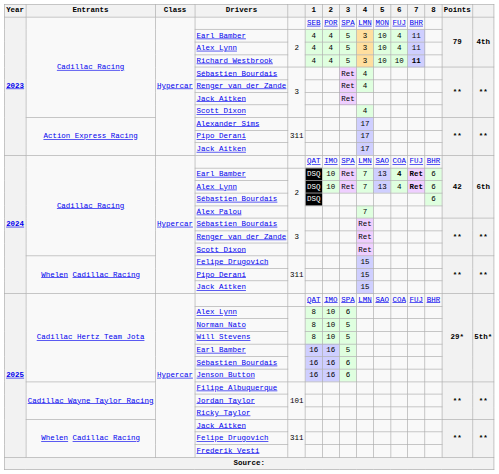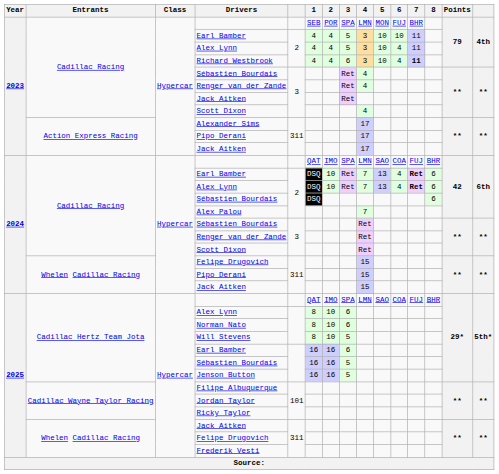 <table class="wikitable" style="text-align:center; font-size:90%">
 <tr>
 <th>Year</th>
 <th>Entrants</th>
 <th>Class</th>
 <th>Drivers</th>
 <th></th>
 <th>1</th>
 <th>2</th>
 <th>3</th>
 <th>4</th>
 <th>5</th>
 <th>6</th>
 <th>7</th>
 <th>8</th>
 <th>Points</th>
 <th></th>
 </tr>
 <tr>
 <th rowspan="11"><a href='#'>2023</a></th>
 <td rowspan="8"><a href='#'>Cadillac Racing</a></td>
 <td rowspan="11"><a href='#'>Hypercar</a></td>
 <td></td>
 <td></td>
 <td><a href='#'>SEB</a></td>
 <td><a href='#'>POR</a></td>
 <td><a href='#'>SPA</a></td>
 <td><a href='#'>LMN</a></td>
 <td><a href='#'>MON</a></td>
 <td><a href='#'>FUJ</a></td>
 <td><a href='#'>BHR</a></td>
 <td></td>
 <th rowspan="4">79</th>
 <th rowspan="4">4th</th>
 </tr>
 <tr>
 <td align="left"> <a href='#'>Earl Bamber</a></td>
 <td rowspan="3">2</td>
 <td style="background:#DFFFDF;">4</td>
 <td style="background:#DFFFDF;”">4</td>
 <td style="background:#DFFFDF;”">5</td>
 <td style="background:#FFDF9F;”">3</td>
 <td style="background:#DFFFDF;”">10</td>
-<td style="background:#DFFFDF;”">4</td>
+<td style="background:#DFFFDF;”">10</td>
 <td style="background:#CFCFFF;”">11</td>
 <td></td>
 </tr>
 <tr>
 <td align="left"> <a href='#'>Alex Lynn</a></td>
 <td style="background:#DFFFDF;">4</td>
 <td style="background:#DFFFDF;”">4</td>
 <td style="background:#DFFFDF;”">5</td>
 <td style="background:#FFDF9F;”">3</td>
 <td style="background:#DFFFDF;”">10</td>
 <td style="background:#DFFFDF;”">4</td>
 <td style="background:#CFCFFF;”">11</td>
 <td></td>
 </tr>
 <tr>
 <td align="left"> <a href='#'>Richard Westbrook</a></td>
 <td style="background:#DFFFDF;">4</td>
 <td style="background:#DFFFDF;”">4</td>
-<td style="background:#DFFFDF;”">5</td>
+<td style="background:#DFFFDF;">6</td>
 <td style="background:#FFDF9F;”">3</td>
 <td style="background:#DFFFDF;”">10</td>
-<td style="background:#DFFFDF;”">10</td>
+<td style="background:#DFFFDF;”">4</td>
 <td style="background:#CFCFFF;”"><strong>11</strong></td>
 <td></td>
 </tr>
 <tr>
 <td align="left"> <a href='#'>Sébastien Bourdais</a></td>
 <td rowspan="4">3</td>
 <td></td>
 <td></td>
 <td style="background:#EFCFFF;">Ret</td>
 <td style="background:#DFFFDF;”">4</td>
 <td></td>
 <td></td>
 <td></td>
 <td></td>
 <th rowspan="4">**</th>
 <th rowspan="4">**</th>
 </tr>
 <tr>
 <td align="left"> <a href='#'>Renger van der Zande</a></td>
 <td></td>
 <td></td>
 <td style="background:#EFCFFF;">Ret</td>
 <td style="background:#DFFFDF;”">4</td>
 <td></td>
 <td></td>
 <td></td>
 <td></td>
 </tr>
 <tr>
 <td align="left"> <a href='#'>Jack Aitken</a></td>
 <td></td>
 <td></td>
 <td style="background:#EFCFFF;">Ret</td>
 <td></td>
 <td></td>
 <td></td>
 <td></td>
 <td></td>
 </tr>
 <tr>
 <td align="left"> <a href='#'>Scott Dixon</a></td>
 <td></td>
 <td></td>
 <td></td>
 <td style="background:#DFFFDF;”">4</td>
 <td></td>
 <td></td>
 <td></td>
 <td></td>
 </tr>
 <tr>
 <td rowspan="3"><a href='#'>Action Express Racing</a></td>
 <td align="left"> <a href='#'>Alexander Sims</a></td>
 <td rowspan="3">311</td>
 <td></td>
 <td></td>
 <td></td>
 <td style="background:#CFCFFF;”">17</td>
 <td></td>
 <td></td>
 <td></td>
 <td></td>
 <th rowspan="3">**</th>
 <th rowspan="3">**</th>
 </tr>
 <tr>
 <td align="left"> <a href='#'>Pipo Derani</a></td>
 <td></td>
 <td></td>
 <td></td>
 <td style="background:#CFCFFF;”">17</td>
 <td></td>
 <td></td>
 <td></td>
 <td></td>
 </tr>
 <tr>
 <td align="left"> <a href='#'>Jack Aitken</a></td>
 <td></td>
 <td></td>
 <td></td>
 <td style="background:#CFCFFF;”">17</td>
 <td></td>
 <td></td>
 <td></td>
 <td></td>
 </tr>
 <tr>
 <th rowspan="11"><a href='#'>2024</a></th>
 <td rowspan="8"><a href='#'>Cadillac Racing</a></td>
 <td rowspan="11"><a href='#'>Hypercar</a></td>
 <td></td>
 <td></td>
 <td><a href='#'>QAT</a></td>
 <td><a href='#'>IMO</a></td>
 <td><a href='#'>SPA</a></td>
 <td><a href='#'>LMN</a></td>
 <td><a href='#'>SAO</a></td>
 <td><a href='#'>COA</a></td>
 <td><a href='#'>FUJ</a></td>
 <td><a href='#'>BHR</a></td>
 <th rowspan="5">42</th>
 <th rowspan="5">6th</th>
 </tr>
 <tr>
 <td align="left"> <a href='#'>Earl Bamber</a></td>
 <td rowspan="4">2</td>
 <td style="background:#000000;color:white">DSQ</td>
 <td style="background:#DFFFDF;">10</td>
 <td style="background:#EFCFFF;">Ret</td>
 <td style="background:#DFFFDF;">7</td>
 <td style="background:#CFCFFF;">13</td>
-<td style="background:#DFFFDF;”"><strong>4</strong></td>
+<td style="background:#DFFFDF;”">4</td>
 <td style="background:#EFCFFF;"><strong>Ret</strong></td>
 <td style="background:#DFFFDF;">6</td>
 </tr>
 <tr>
 <td align="left"> <a href='#'>Alex Lynn</a></td>
 <td style="background:#000000;color:white">DSQ</td>
 <td style="background:#DFFFDF;">10</td>
 <td style="background:#EFCFFF;">Ret</td>
 <td style="background:#DFFFDF;">7</td>
 <td style="background:#CFCFFF;">13</td>
 <td style="background:#DFFFDF;”">4</td>
 <td style="background:#EFCFFF;"><strong>Ret</strong></td>
 <td style="background:#DFFFDF;">6</td>
 </tr>
 <tr>
 <td align="left"> <a href='#'>Sébastien Bourdais</a></td>
 <td style="background:#000000;color:white">DSQ</td>
 <td></td>
 <td></td>
 <td></td>
 <td></td>
 <td></td>
 <td></td>
 <td style="background:#DFFFDF;">6</td>
 </tr>
 <tr>
 <td align="left"> <a href='#'>Álex Palou</a></td>
 <td></td>
 <td></td>
 <td></td>
 <td style="background:#DFFFDF;">7</td>
 <td></td>
 <td></td>
 <td></td>
 <td></td>
 </tr>
 <tr>
 <td align="left"> <a href='#'>Sébastien Bourdais</a></td>
 <td rowspan="3">3</td>
 <td></td>
 <td></td>
 <td></td>
 <td style="background:#EFCFFF;”">Ret</td>
 <td></td>
 <td></td>
 <td></td>
 <td></td>
 <th rowspan="3">**</th>
 <th rowspan="3">**</th>
 </tr>
 <tr>
 <td align="left"> <a href='#'>Renger van der Zande</a></td>
 <td></td>
 <td></td>
 <td></td>
 <td style="background:#EFCFFF;”">Ret</td>
 <td></td>
 <td></td>
 <td></td>
 <td></td>
 </tr>
 <tr>
 <td align="left"> <a href='#'>Scott Dixon</a></td>
 <td></td>
 <td></td>
 <td></td>
 <td style="background:#EFCFFF;”">Ret</td>
 <td></td>
 <td></td>
 <td></td>
 <td></td>
 </tr>
 <tr>
 <td rowspan="3"><a href='#'>Whelen</a> <a href='#'>Cadillac Racing</a></td>
 <td align="left"> <a href='#'>Felipe Drugovich</a></td>
 <td rowspan="3">311</td>
 <td></td>
 <td></td>
 <td></td>
 <td style="background:#CFCFFF;”">15</td>
 <td></td>
 <td></td>
 <td></td>
 <td></td>
 <th rowspan="3">**</th>
 <th rowspan="3">**</th>
 </tr>
 <tr>
 <td align="left"> <a href='#'>Pipo Derani</a></td>
 <td></td>
 <td></td>
 <td></td>
 <td style="background:#CFCFFF;”">15</td>
 <td></td>
 <td></td>
 <td></td>
 <td></td>
 </tr>
 <tr>
 <td align="left"> <a href='#'>Jack Aitken</a></td>
 <td></td>
 <td></td>
 <td></td>
 <td style="background:#CFCFFF;”">15</td>
 <td></td>
 <td></td>
 <td></td>
 <td></td>
 </tr>
 <tr>
 <th rowspan="13"><a href='#'>2025</a></th>
 <td rowspan="7"><a href='#'>Cadillac Hertz Team Jota</a></td>
 <td rowspan="13"><a href='#'>Hypercar</a></td>
 <td></td>
 <td></td>
 <td><a href='#'>QAT</a></td>
 <td><a href='#'>IMO</a></td>
 <td><a href='#'>SPA</a></td>
 <td><a href='#'>LMN</a></td>
 <td><a href='#'>SAO</a></td>
 <td><a href='#'>COA</a></td>
 <td><a href='#'>FUJ</a></td>
 <td><a href='#'>BHR</a></td>
 <th rowspan="7">29*</th>
 <th rowspan="7">5th*</th>
 </tr>
 <tr>
 <td align="left" style="border-left:0px"> <a href='#'>Alex Lynn</a></td>
 <td rowspan="3"></td>
 <td style="background:#DFFFDF;">8</td>
 <td style="background:#DFFFDF;">10</td>
 <td style="background:#DFFFDF;">6</td>
 <td></td>
 <td></td>
 <td></td>
 <td></td>
 <td></td>
 </tr>
 <tr>
 <td align="left" style="border-left:0px"> <a href='#'>Norman Nato</a></td>
 <td style="background:#DFFFDF;">8</td>
 <td style="background:#DFFFDF;">10</td>
-<td style="background:#DFFFDF;">5</td>
+<td style="background:#DFFFDF;">6</td>
 <td></td>
 <td></td>
 <td></td>
 <td></td>
 <td></td>
 </tr>
 <tr>
 <td align="left" style="border-left:0px"> <a href='#'>Will Stevens</a></td>
 <td style="background:#DFFFDF;">8</td>
 <td style="background:#DFFFDF;">10</td>
 <td style="background:#DFFFDF;">5</td>
 <td></td>
 <td></td>
 <td></td>
 <td></td>
 <td></td>
 </tr>
 <tr>
 <td align="left" style="border-left:0px"> <a href='#'>Earl Bamber</a></td>
 <td rowspan="3"></td>
 <td style="background:#CFCFFF;”">16</td>
 <td style="background:#CFCFFF;”">16</td>
-<td style="background:#DFFFDF;">5</td>
+<td style="background:#DFFFDF;">6</td>
 <td></td>
 <td></td>
 <td></td>
 <td></td>
 <td></td>
 </tr>
 <tr>
 <td align="left" style="border-left:0px"> <a href='#'>Sébastien Bourdais</a></td>
 <td style="background:#CFCFFF;”">16</td>
 <td style="background:#CFCFFF;”">16</td>
-<td style="background:#DFFFDF;">6</td>
+<td style="background:#DFFFDF;”">5</td>
 <td></td>
 <td></td>
 <td></td>
 <td></td>
 <td></td>
 </tr>
 <tr>
 <td align="left" style="border-left:0px"> <a href='#'>Jenson Button</a></td>
 <td style="background:#CFCFFF;”">16</td>
 <td style="background:#CFCFFF;”">16</td>
-<td style="background:#DFFFDF;">6</td>
+<td style="background:#DFFFDF;”">5</td>
 <td></td>
 <td></td>
 <td></td>
 <td></td>
 <td></td>
 </tr>
 <tr>
 <td rowspan="3"><a href='#'>Cadillac Wayne Taylor Racing</a></td>
 <td align="left"> <a href='#'>Filipe Albuquerque</a></td>
 <td rowspan="3">101</td>
 <td></td>
 <td></td>
 <td></td>
 <td></td>
 <td></td>
 <td></td>
 <td></td>
 <td></td>
 <th rowspan="3">**</th>
 <th rowspan="3">**</th>
 </tr>
 <tr>
 <td align="left"> <a href='#'>Jordan Taylor</a></td>
 <td></td>
 <td></td>
 <td></td>
 <td></td>
 <td></td>
 <td></td>
 <td></td>
 <td></td>
 </tr>
 <tr>
 <td align="left"> <a href='#'>Ricky Taylor</a></td>
 <td></td>
 <td></td>
 <td></td>
 <td></td>
 <td></td>
 <td></td>
 <td></td>
 <td></td>
 </tr>
 <tr>
 <td rowspan="3"><a href='#'>Whelen</a> <a href='#'>Cadillac Racing</a></td>
 <td align="left"> <a href='#'>Jack Aitken</a></td>
 <td rowspan="3">311</td>
 <td></td>
 <td></td>
 <td></td>
 <td></td>
 <td></td>
 <td></td>
 <td></td>
 <td></td>
 <th rowspan="3">**</th>
 <th rowspan="3">**</th>
 </tr>
 <tr>
 <td align="left"> <a href='#'>Felipe Drugovich</a></td>
 <td></td>
 <td></td>
 <td></td>
 <td></td>
 <td></td>
 <td></td>
 <td></td>
 <td></td>
 </tr>
 <tr>
 <td align="left"> <a href='#'>Frederik Vesti</a></td>
 <td></td>
 <td></td>
 <td></td>
 <td></td>
 <td></td>
 <td></td>
 <td></td>
 <td></td>
 </tr>
 <tr>
 <th colspan="15">Source:</th>
 </tr>
 </table>
